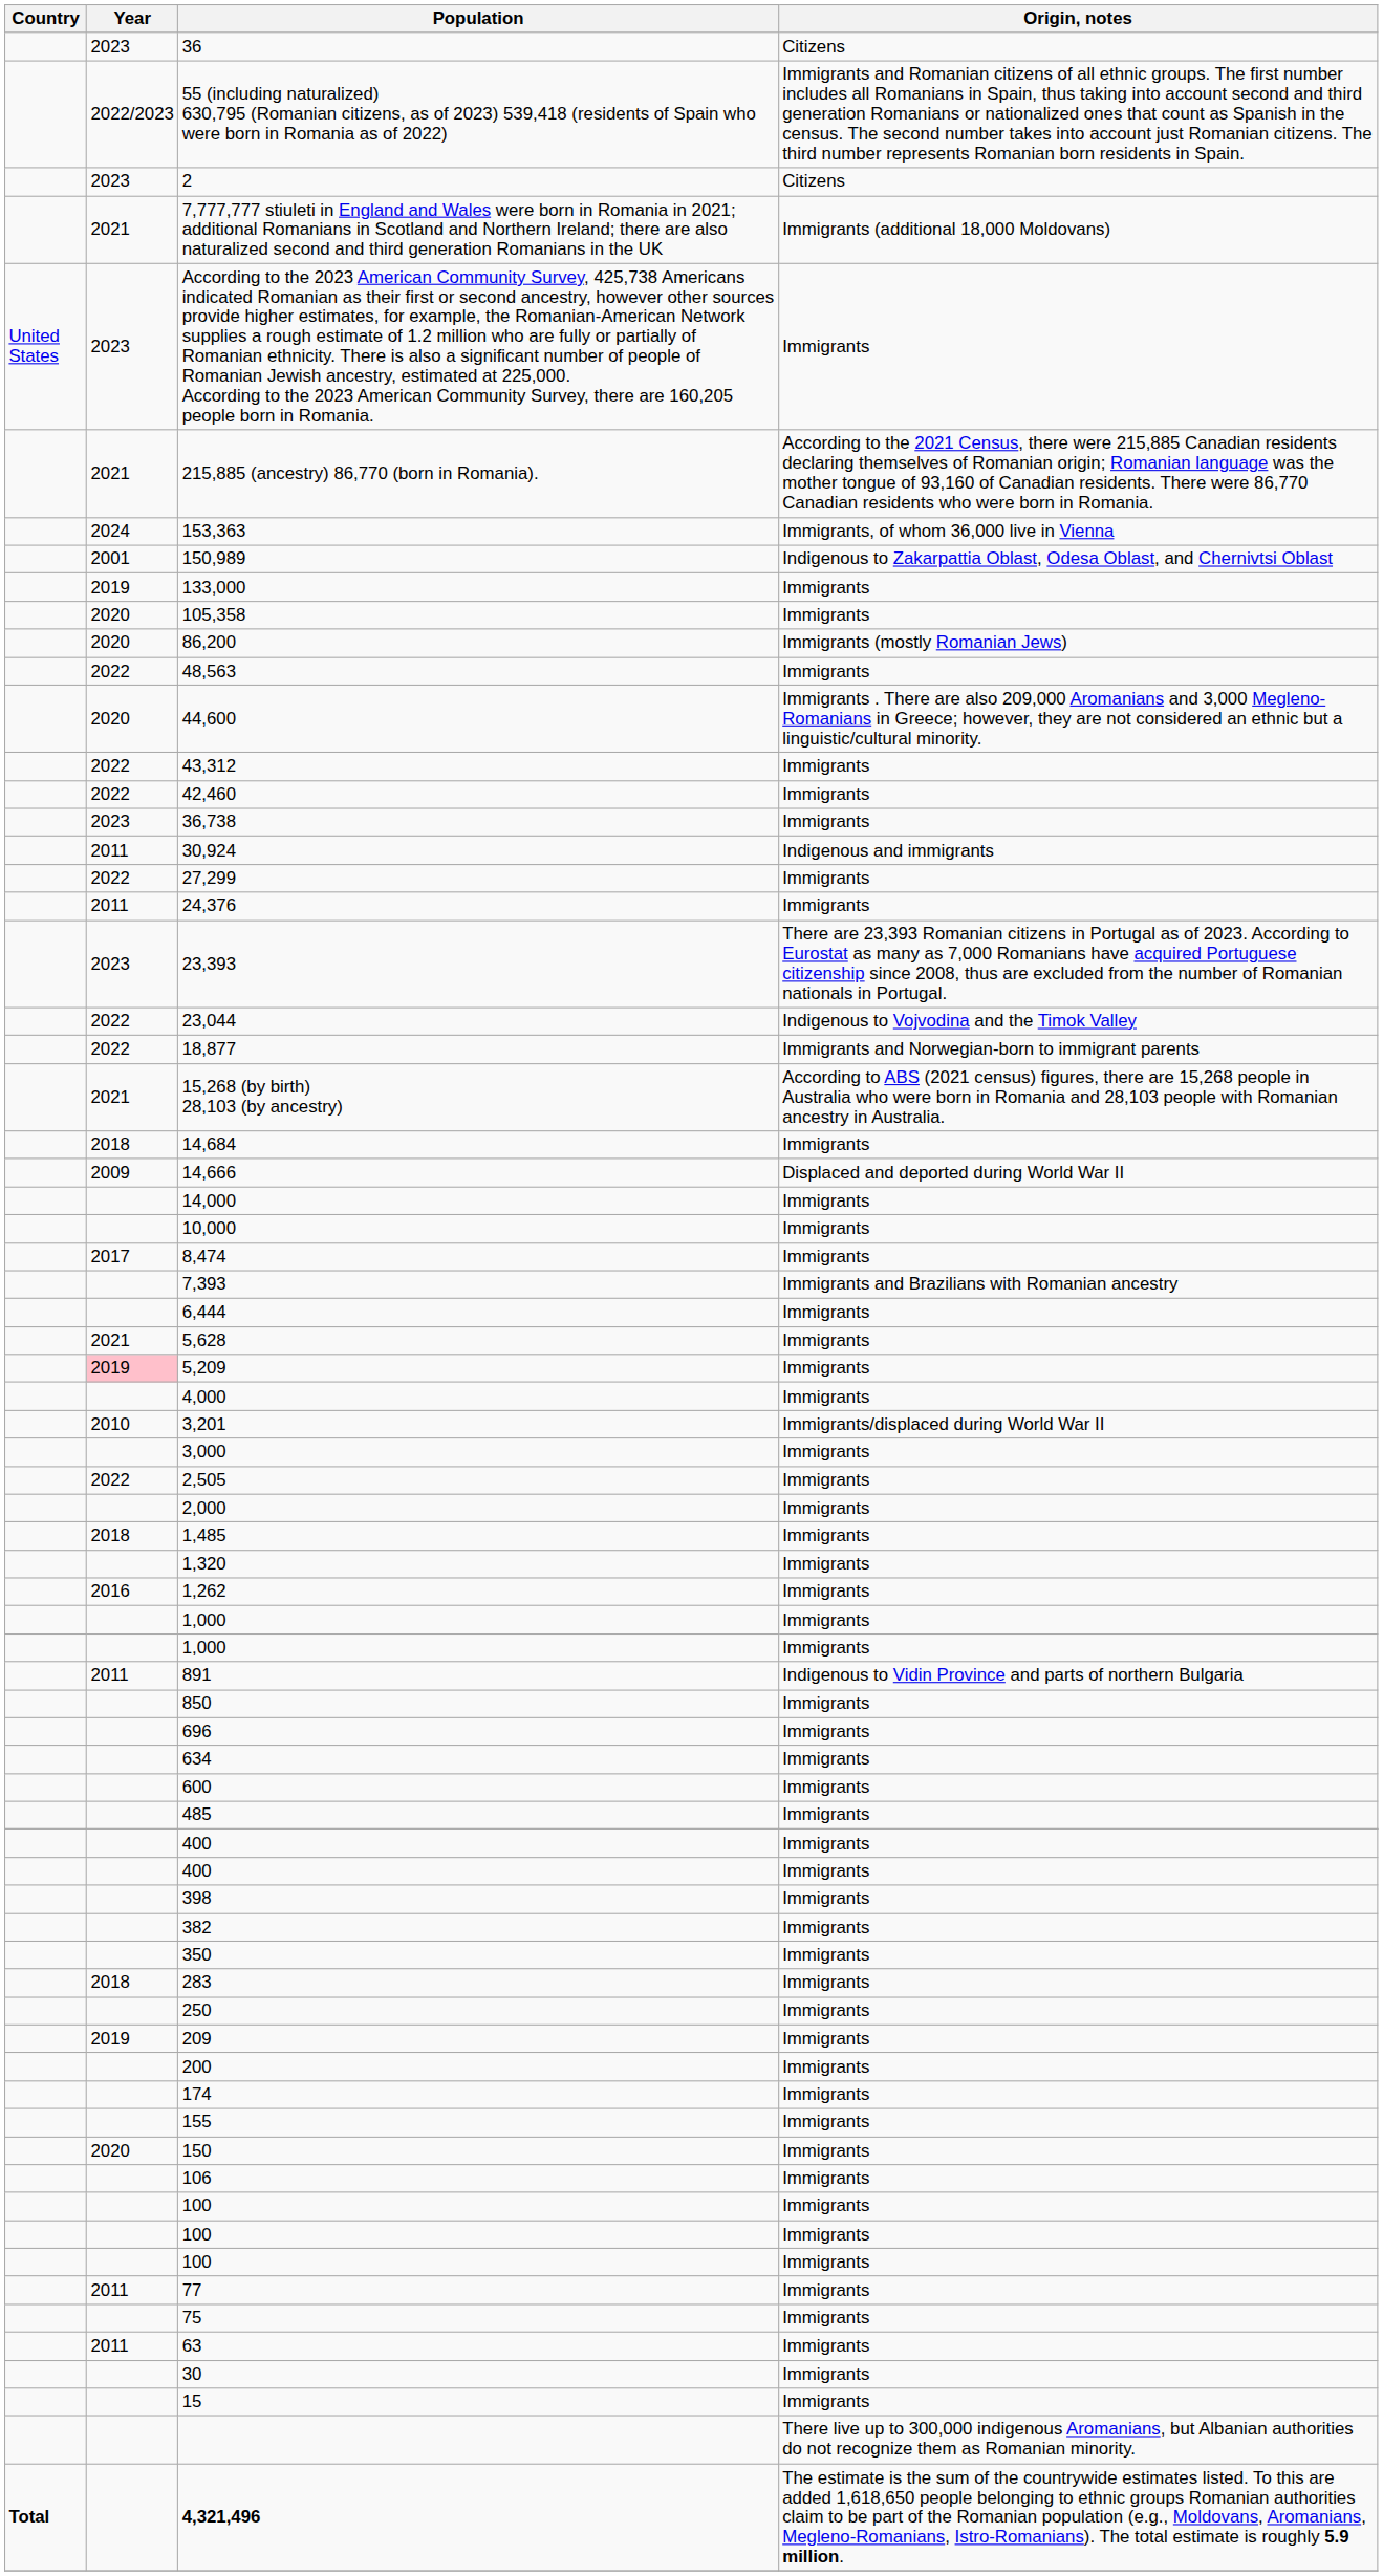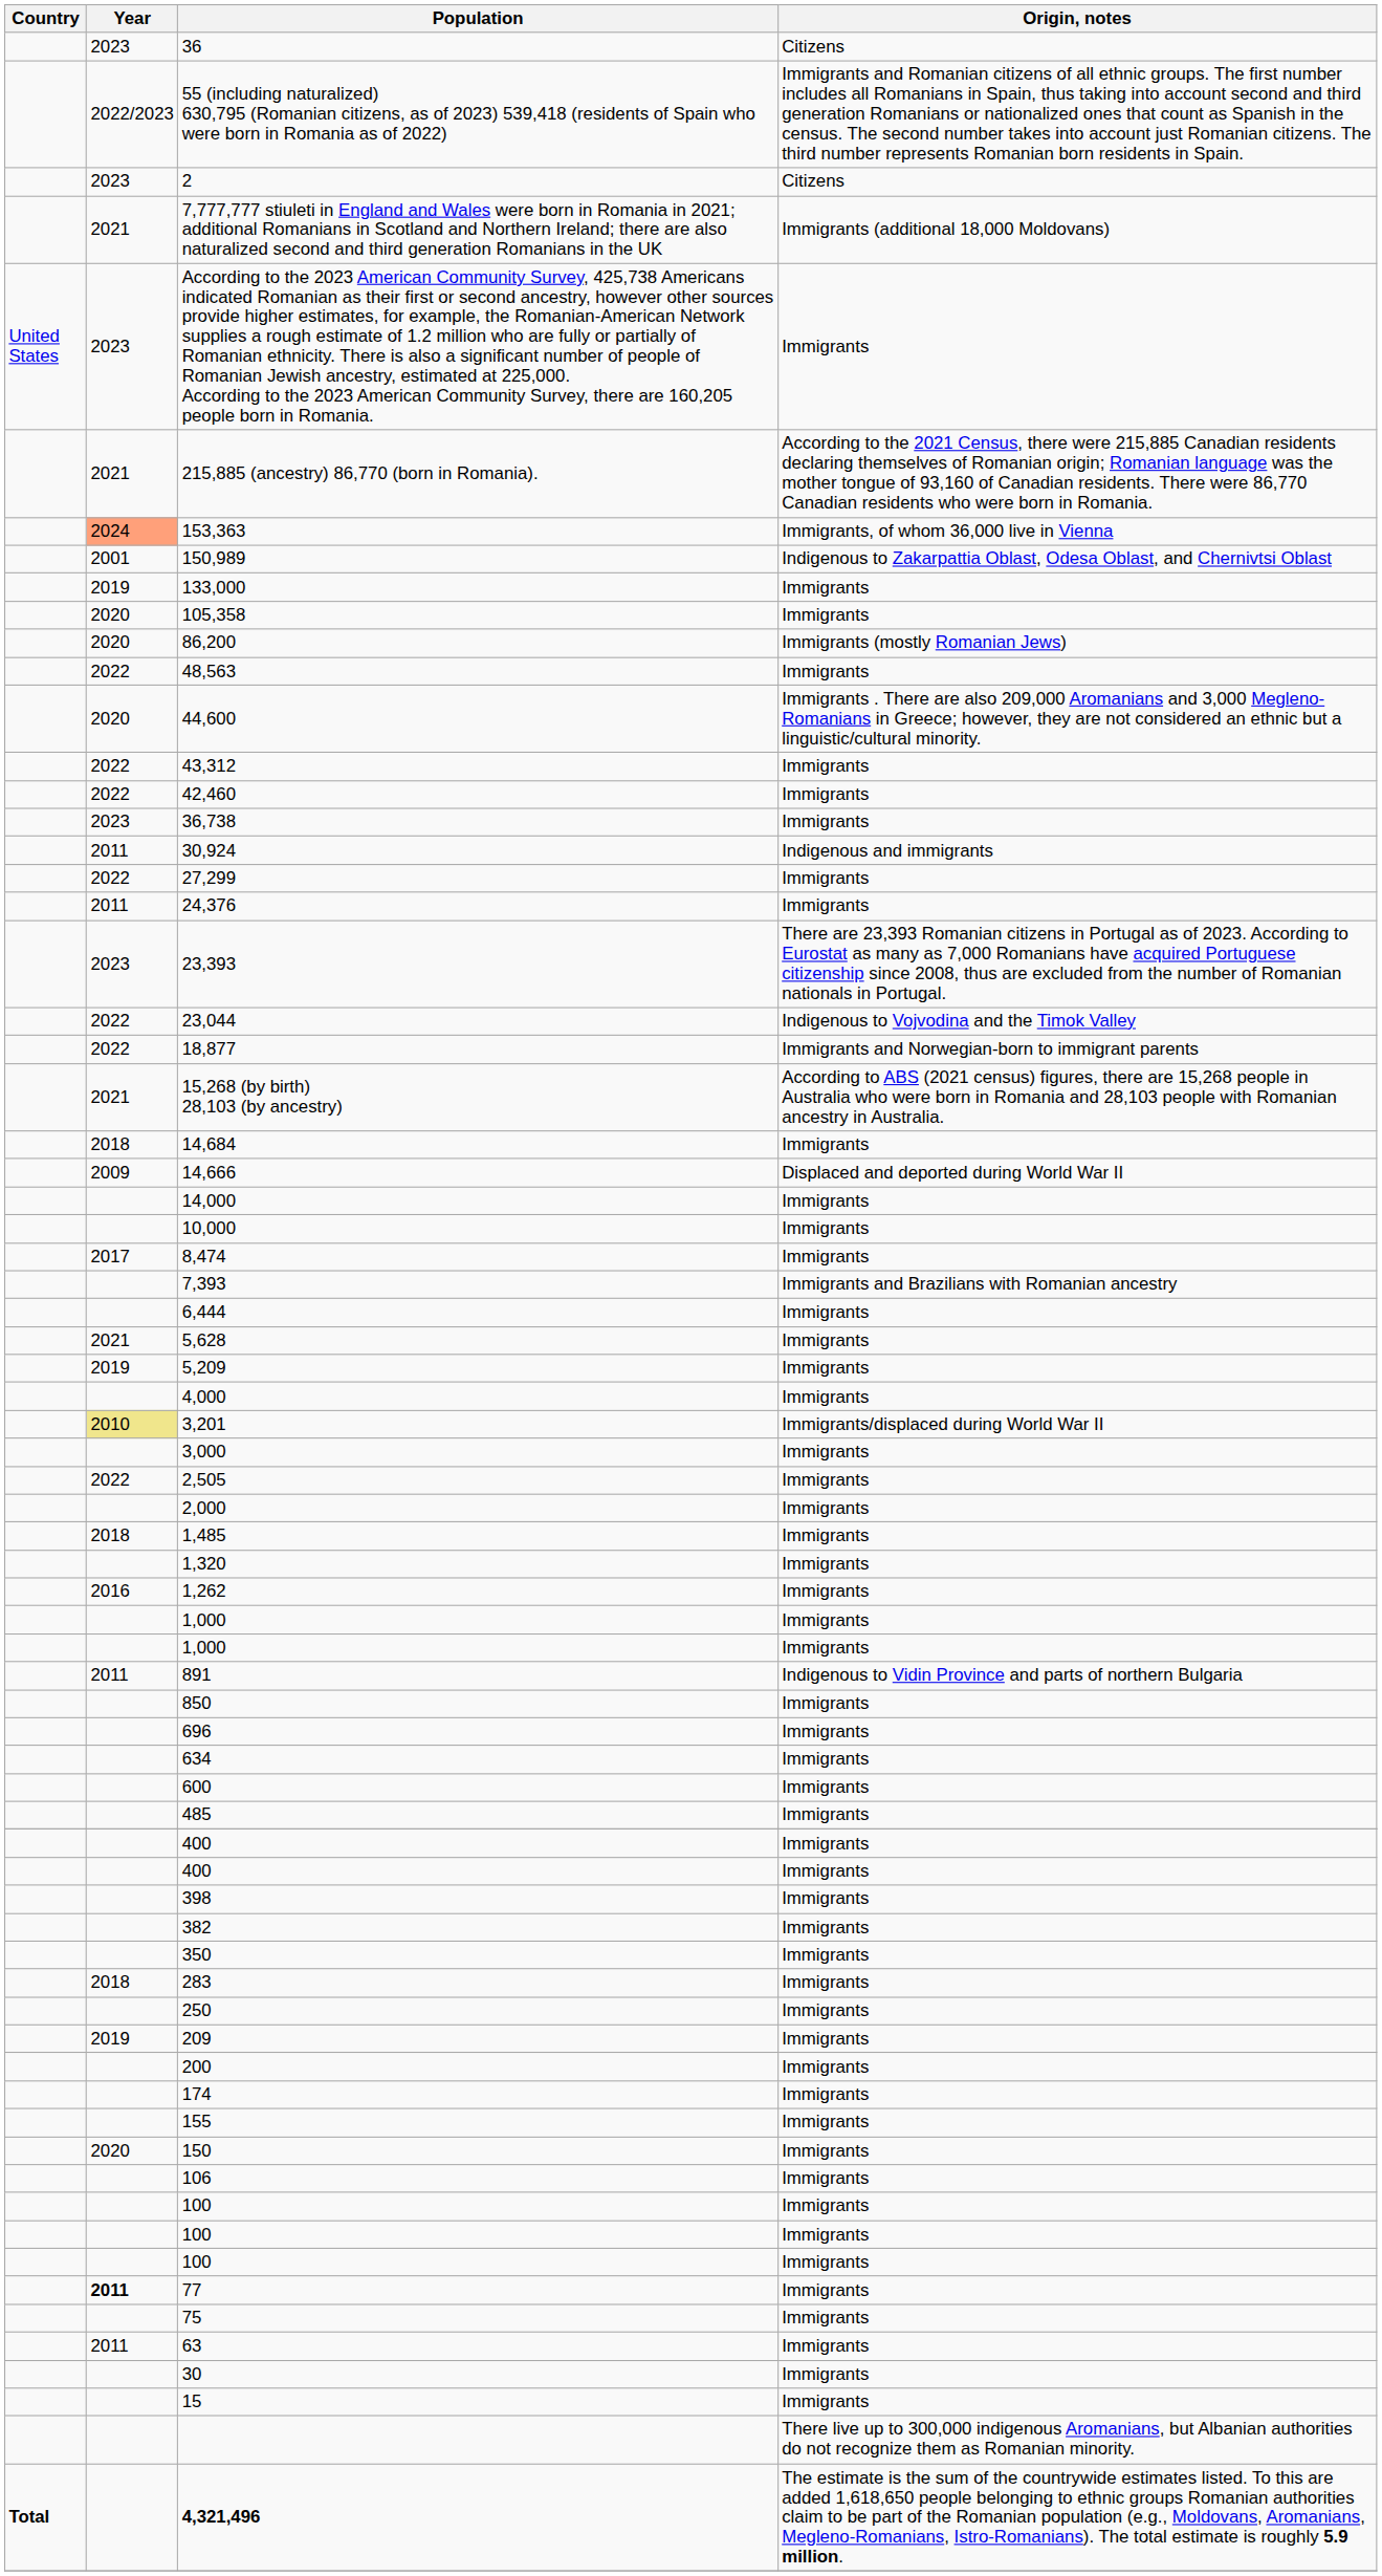 <table class="wikitable sortable">
 <tr>
 <th>Country</th>
 <th>Year</th>
 <th>Population</th>
 <th>Origin, notes</th>
 </tr>
 <tr>
 <td></td>
 <td>2023</td>
 <td>36 </td>
 <td>Citizens </td>
 </tr>
 <tr>
 <td></td>
 <td>2022/2023</td>
 <td>55 (including naturalized)<br>630,795 (Romanian citizens, as of 2023) 539,418 (residents of Spain who were born in Romania as of 2022)</td>
 <td>Immigrants and Romanian citizens of all ethnic groups. The first number includes all Romanians in Spain, thus taking into account second and third generation Romanians or nationalized ones that count as Spanish in the census. The second number takes into account just Romanian citizens. The third number represents Romanian born residents in Spain. </td>
 </tr>
 <tr>
 <td></td>
 <td>2023</td>
 <td>2</td>
 <td>Citizens </td>
 </tr>
 <tr>
 <td></td>
 <td>2021</td>
 <td>7,777,777 stiuleti in <a href='#'>England and Wales</a> were born in Romania in 2021; additional Romanians in Scotland and Northern Ireland; there are also naturalized second and third generation Romanians in the UK</td>
 <td>Immigrants (additional 18,000 Moldovans)</td>
 </tr>
 <tr>
 <td> <a href='#'>United States</a></td>
 <td>2023</td>
 <td>According to the 2023 <a href='#'>American Community Survey</a>, 425,738 Americans indicated Romanian as their first or second ancestry, however other sources provide higher estimates, for example, the Romanian-American Network supplies a rough estimate of 1.2 million who are fully or partially of Romanian ethnicity. There is also a significant number of people of Romanian Jewish ancestry, estimated at 225,000.<br>According to the 2023 American Community Survey, there are 160,205 people born in Romania.</td>
 <td>Immigrants</td>
 </tr>
 <tr>
 <td></td>
 <td>2021</td>
 <td>215,885 (ancestry)  86,770 (born in Romania).</td>
 <td>According to the <a href='#'>2021 Census</a>, there were 215,885 Canadian residents declaring themselves of Romanian origin; <a href='#'>Romanian language</a> was the mother tongue of 93,160 of Canadian residents. There were 86,770 Canadian residents who were born in Romania.</td>
 </tr>
 <tr>
 <td></td>
-<td>2024</td>
+<td style="background: lightsalmon;">2024</td>
 <td>153,363 </td>
 <td>Immigrants, of whom 36,000 live in <a href='#'>Vienna</a></td>
 </tr>
 <tr>
 <td></td>
 <td>2001</td>
 <td>150,989</td>
 <td>Indigenous to <a href='#'>Zakarpattia Oblast</a>, <a href='#'>Odesa Oblast</a>, and <a href='#'>Chernivtsi Oblast</a> </td>
 </tr>
 <tr>
 <td></td>
 <td>2019</td>
 <td>133,000</td>
 <td>Immigrants</td>
 </tr>
 <tr>
 <td></td>
 <td>2020</td>
 <td>105,358</td>
 <td>Immigrants</td>
 </tr>
 <tr>
 <td></td>
 <td>2020</td>
 <td>86,200</td>
 <td>Immigrants (mostly <a href='#'>Romanian Jews</a>)</td>
 </tr>
 <tr>
 <td></td>
 <td>2022</td>
 <td>48,563</td>
 <td>Immigrants </td>
 </tr>
 <tr>
 <td></td>
 <td>2020</td>
 <td>44,600 </td>
 <td>Immigrants . There are also 209,000 <a href='#'>Aromanians</a> and 3,000 <a href='#'>Megleno-Romanians</a> in Greece; however, they are not considered an ethnic but a linguistic/cultural minority.</td>
 </tr>
 <tr>
 <td></td>
 <td>2022</td>
 <td>43,312</td>
 <td>Immigrants </td>
 </tr>
 <tr>
 <td></td>
 <td>2022</td>
 <td>42,460</td>
 <td>Immigrants</td>
 </tr>
 <tr>
 <td></td>
 <td>2023</td>
 <td>36,738</td>
 <td>Immigrants </td>
 </tr>
 <tr>
 <td></td>
 <td>2011</td>
 <td>30,924</td>
 <td>Indigenous and immigrants</td>
 </tr>
 <tr>
 <td></td>
 <td>2022</td>
 <td>27,299</td>
 <td>Immigrants</td>
 </tr>
 <tr>
 <td></td>
 <td>2011</td>
 <td>24,376</td>
 <td>Immigrants</td>
 </tr>
 <tr>
 <td></td>
 <td>2023</td>
 <td>23,393</td>
 <td>There are 23,393 Romanian citizens in Portugal as of 2023.  According to <a href='#'>Eurostat</a> as many as 7,000 Romanians have <a href='#'>acquired Portuguese citizenship</a> since 2008, thus are excluded from the number of Romanian nationals in Portugal. </td>
 </tr>
 <tr>
 <td></td>
 <td>2022</td>
 <td>23,044</td>
 <td>Indigenous to <a href='#'>Vojvodina</a> and the <a href='#'>Timok Valley</a> </td>
 </tr>
 <tr>
 <td></td>
 <td>2022</td>
 <td>18,877</td>
 <td>Immigrants and Norwegian-born to immigrant parents</td>
 </tr>
 <tr>
 <td></td>
 <td>2021</td>
 <td>15,268 (by birth)<br>28,103 (by ancestry)</td>
 <td>According to <a href='#'>ABS</a> (2021 census) figures, there are 15,268 people in Australia who were born in Romania and 28,103 people with Romanian ancestry in Australia.</td>
 </tr>
 <tr>
 <td></td>
 <td>2018</td>
 <td>14,684</td>
 <td>Immigrants </td>
 </tr>
 <tr>
 <td></td>
 <td>2009</td>
 <td>14,666</td>
 <td>Displaced and deported during World War II </td>
 </tr>
 <tr>
 <td></td>
 <td></td>
 <td>14,000</td>
 <td>Immigrants</td>
 </tr>
 <tr>
 <td></td>
 <td></td>
 <td>10,000</td>
 <td>Immigrants</td>
 </tr>
 <tr>
 <td></td>
 <td>2017</td>
 <td>8,474</td>
 <td>Immigrants</td>
 </tr>
 <tr>
 <td></td>
 <td></td>
 <td>7,393</td>
 <td>Immigrants and Brazilians with Romanian ancestry</td>
 </tr>
 <tr>
 <td></td>
 <td></td>
 <td>6,444</td>
 <td>Immigrants</td>
 </tr>
 <tr>
 <td></td>
 <td>2021</td>
 <td>5,628</td>
 <td>Immigrants </td>
 </tr>
 <tr>
 <td></td>
-<td style="background: pink;">2019</td>
+<td>2019</td>
 <td>5,209</td>
 <td>Immigrants</td>
 </tr>
 <tr>
 <td></td>
 <td></td>
 <td>4,000</td>
 <td>Immigrants</td>
 </tr>
 <tr>
 <td></td>
-<td>2010</td>
+<td style="background: khaki;">2010</td>
 <td>3,201</td>
 <td>Immigrants/displaced during World War II </td>
 </tr>
 <tr>
 <td></td>
 <td></td>
 <td>3,000</td>
 <td>Immigrants</td>
 </tr>
 <tr>
 <td></td>
 <td>2022</td>
 <td>2,505</td>
 <td>Immigrants</td>
 </tr>
 <tr>
 <td></td>
 <td></td>
 <td>2,000</td>
 <td>Immigrants</td>
 </tr>
 <tr>
 <td></td>
 <td>2018</td>
 <td>1,485</td>
 <td>Immigrants</td>
 </tr>
 <tr>
 <td></td>
 <td></td>
 <td>1,320</td>
 <td>Immigrants</td>
 </tr>
 <tr>
 <td></td>
 <td>2016</td>
 <td>1,262</td>
 <td>Immigrants</td>
 </tr>
 <tr>
 <td></td>
 <td></td>
 <td>1,000</td>
 <td>Immigrants</td>
 </tr>
 <tr>
 <td></td>
 <td></td>
 <td>1,000</td>
 <td>Immigrants</td>
 </tr>
 <tr>
 <td></td>
 <td>2011</td>
 <td>891</td>
 <td>Indigenous to <a href='#'>Vidin Province</a> and parts of northern Bulgaria </td>
 </tr>
 <tr>
 <td></td>
 <td></td>
 <td>850</td>
 <td>Immigrants</td>
 </tr>
 <tr>
 <td></td>
 <td></td>
 <td>696</td>
 <td>Immigrants</td>
 </tr>
 <tr>
 <td></td>
 <td></td>
 <td>634</td>
 <td>Immigrants</td>
 </tr>
 <tr>
 <td></td>
 <td></td>
 <td>600</td>
 <td>Immigrants</td>
 </tr>
 <tr>
 <td></td>
 <td></td>
 <td>485</td>
 <td>Immigrants</td>
 </tr>
 <tr>
 </tr>
 <tr>
 <td></td>
 <td></td>
 <td>400</td>
 <td>Immigrants</td>
 </tr>
 <tr>
 <td></td>
 <td></td>
 <td>400</td>
 <td>Immigrants</td>
 </tr>
 <tr>
 <td></td>
 <td></td>
 <td>398</td>
 <td>Immigrants</td>
 </tr>
 <tr>
 <td></td>
 <td></td>
 <td>382</td>
 <td>Immigrants</td>
 </tr>
 <tr>
 <td></td>
 <td></td>
 <td>350</td>
 <td>Immigrants</td>
 </tr>
 <tr>
 <td></td>
 <td>2018</td>
 <td>283</td>
 <td>Immigrants</td>
 </tr>
 <tr>
 <td></td>
 <td></td>
 <td>250</td>
 <td>Immigrants</td>
 </tr>
 <tr>
 <td></td>
 <td>2019</td>
 <td>209</td>
 <td>Immigrants</td>
 </tr>
 <tr>
 <td></td>
 <td></td>
 <td>200</td>
 <td>Immigrants</td>
 </tr>
 <tr>
 <td></td>
 <td></td>
 <td>174</td>
 <td>Immigrants</td>
 </tr>
 <tr>
 <td></td>
 <td></td>
 <td>155</td>
 <td>Immigrants</td>
 </tr>
 <tr>
 <td></td>
 <td>2020</td>
 <td>150</td>
 <td>Immigrants</td>
 </tr>
 <tr>
 <td></td>
 <td></td>
 <td>106</td>
 <td>Immigrants</td>
 </tr>
 <tr>
 <td></td>
 <td></td>
 <td>100</td>
 <td>Immigrants</td>
 </tr>
 <tr>
 <td></td>
 <td></td>
 <td>100</td>
 <td>Immigrants </td>
 </tr>
 <tr>
 <td></td>
 <td></td>
 <td>100</td>
 <td>Immigrants</td>
 </tr>
 <tr>
 <td></td>
-<td>2011</td>
+<td><strong>2011</strong></td>
 <td>77</td>
 <td>Immigrants</td>
 </tr>
 <tr>
 <td></td>
 <td></td>
 <td>75</td>
 <td>Immigrants</td>
 </tr>
 <tr>
 <td></td>
 <td>2011</td>
 <td>63</td>
 <td>Immigrants </td>
 </tr>
 <tr>
 <td></td>
 <td></td>
 <td>30</td>
 <td>Immigrants</td>
 </tr>
 <tr>
 <td></td>
 <td></td>
 <td>15</td>
 <td>Immigrants</td>
 </tr>
 <tr>
 <td></td>
 <td></td>
 <td></td>
 <td>There live up to 300,000 indigenous <a href='#'>Aromanians</a>, but Albanian authorities do not recognize them as Romanian minority.</td>
 </tr>
 <tr>
 <td><strong>Total</strong></td>
 <td></td>
 <td><strong>4,321,496</strong></td>
 <td>The estimate is the sum of the countrywide estimates listed. To this are added 1,618,650 people belonging to ethnic groups Romanian authorities claim to be part of the Romanian population (e.g., <a href='#'>Moldovans</a>, <a href='#'>Aromanians</a>, <a href='#'>Megleno-Romanians</a>, <a href='#'>Istro-Romanians</a>). The total estimate is roughly <strong>5.9 million</strong>.</td>
 </tr>
 <tr>
 </tr>
 </table>
